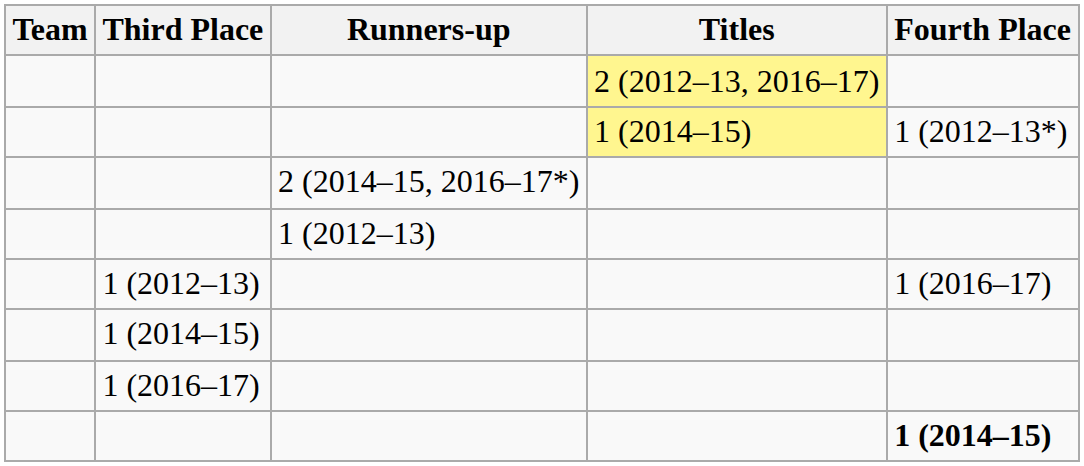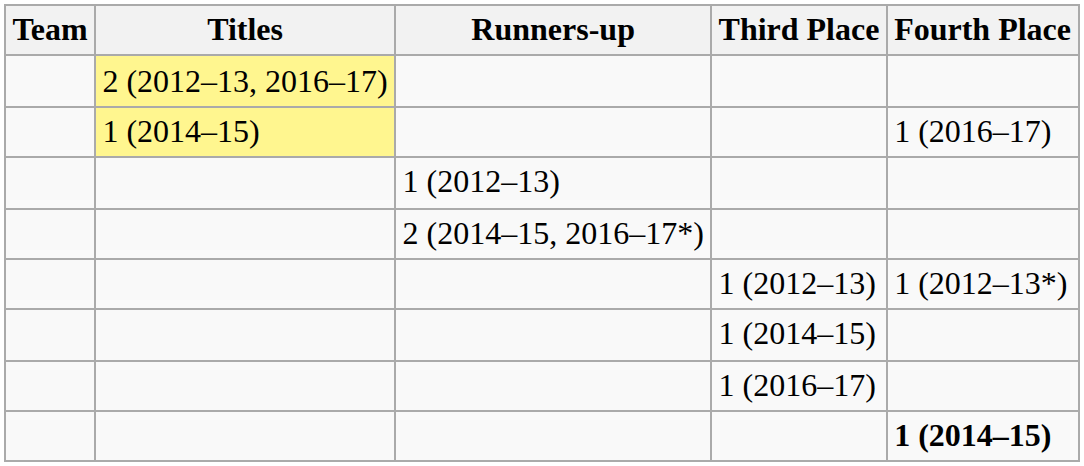 <table class=wikitable>
 <tr>
 <th>Team</th>
+<th>Titles</th>
+<th>Runners-up</th>
 <th>Third Place</th>
-<th>Runners-up</th>
-<th>Titles</th>
 <th>Fourth Place</th>
 </tr>
 <tr>
 <td></td>
+<td style=background:#FFF68F>2 (2012–13, 2016–17)</td>
 <td></td>
 <td></td>
-<td style=background:#FFF68F>2 (2012–13, 2016–17)</td>
 <td></td>
 </tr>
 <tr>
 <td></td>
+<td style=background:#FFF68F>1 (2014–15)</td>
 <td></td>
 <td></td>
-<td style=background:#FFF68F>1 (2014–15)</td>
-<td>1 (2012–13*)</td>
+<td>1 (2016–17)</td>
+</tr>
+<tr>
+<td></td>
+<td></td>
+<td>1 (2012–13)</td>
+<td></td>
+<td></td>
 </tr>
 <tr>
 <td></td>
 <td></td>
 <td>2 (2014–15, 2016–17*)</td>
 <td></td>
 <td></td>
 </tr>
 <tr>
 <td></td>
 <td></td>
+<td></td>
 <td>1 (2012–13)</td>
+<td>1 (2012–13*)</td>
+</tr>
+<tr>
 <td></td>
+<td></td>
+<td></td>
+<td>1 (2014–15)</td>
 <td></td>
 </tr>
 <tr>
 <td></td>
-<td>1 (2012–13)</td>
 <td></td>
 <td></td>
 <td>1 (2016–17)</td>
-</tr>
-<tr>
-<td></td>
-<td>1 (2014–15)</td>
-<td></td>
-<td></td>
-<td></td>
-</tr>
-<tr>
-<td></td>
-<td>1 (2016–17)</td>
-<td></td>
-<td></td>
 <td></td>
 </tr>
 <tr>
 <td></td>
 <td></td>
 <td></td>
 <td></td>
 <td><strong>1 (2014–15)</strong></td>
 </tr>
 </table>
